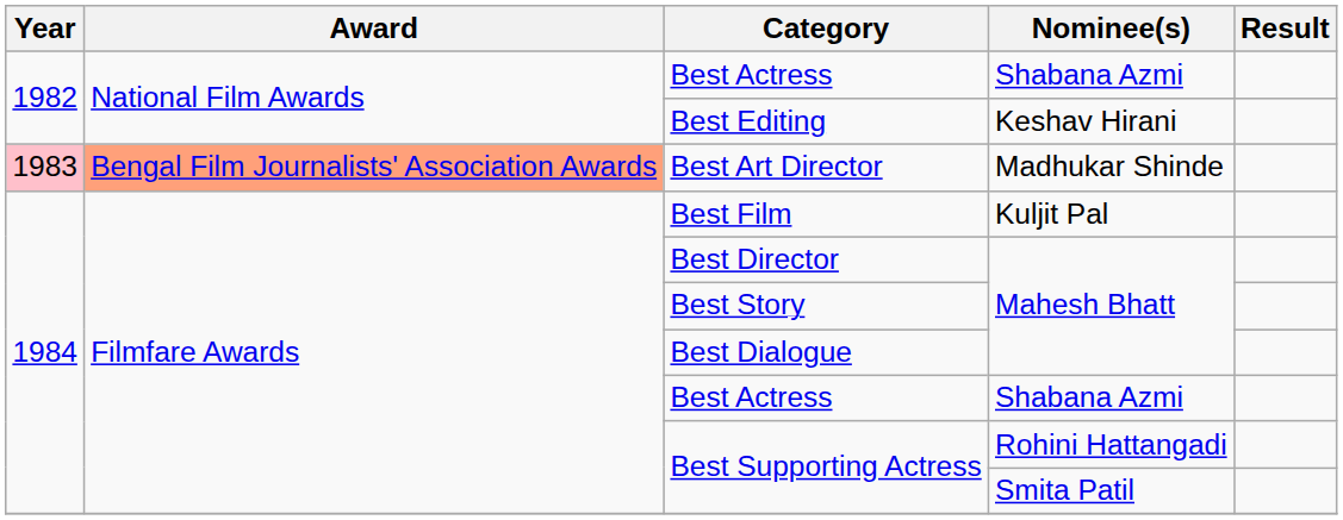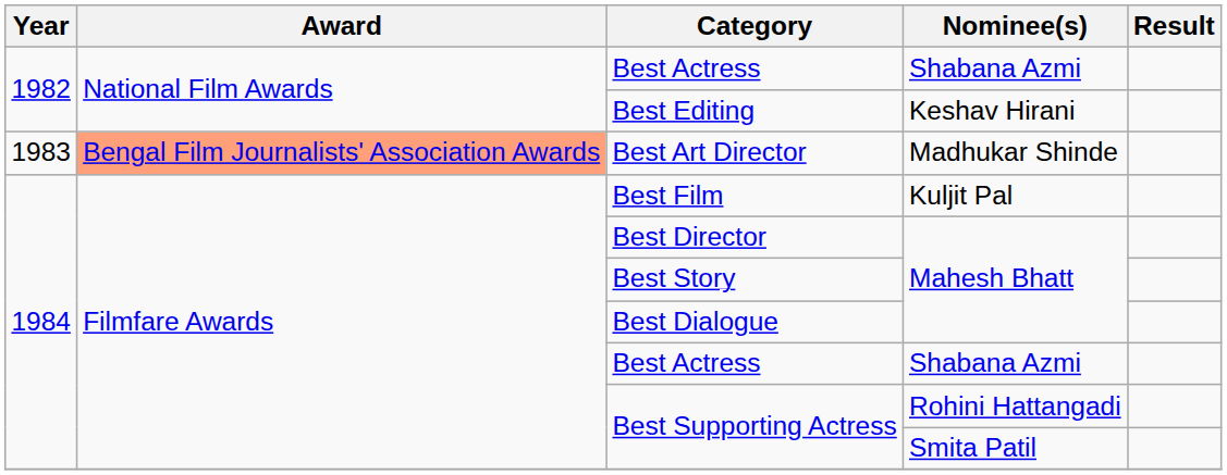 <table class="wikitable plainrowheaders sortable">
 <tr>
 <th scope=col>Year</th>
 <th scope=col>Award</th>
 <th scope=col>Category</th>
 <th scope=col>Nominee(s)</th>
 <th scope=col>Result</th>
 </tr>
 <tr>
 <td rowspan="2"><a href='#'>1982</a></td>
 <td rowspan="2"><a href='#'>National Film Awards</a></td>
 <td><a href='#'>Best Actress</a></td>
 <td><a href='#'>Shabana Azmi</a></td>
 <td></td>
 </tr>
 <tr>
 <td><a href='#'>Best Editing</a></td>
 <td>Keshav Hirani</td>
 <td></td>
 </tr>
 <tr>
-<td style="background: pink;">1983</td>
+<td>1983</td>
 <td style="background: lightsalmon;"><a href='#'>Bengal Film Journalists' Association Awards</a></td>
 <td><a href='#'>Best Art Director</a></td>
 <td>Madhukar Shinde</td>
 <td></td>
 </tr>
 <tr>
 <td rowspan=7><a href='#'>1984</a></td>
 <td rowspan=7><a href='#'>Filmfare Awards</a></td>
 <td><a href='#'>Best Film</a></td>
 <td>Kuljit Pal</td>
 <td></td>
 </tr>
 <tr>
 <td><a href='#'>Best Director</a></td>
 <td rowspan=3><a href='#'>Mahesh Bhatt</a></td>
 <td></td>
 </tr>
 <tr>
 <td><a href='#'>Best Story</a></td>
 <td></td>
 </tr>
 <tr>
 <td><a href='#'>Best Dialogue</a></td>
 <td></td>
 </tr>
 <tr>
 <td><a href='#'>Best Actress</a></td>
 <td><a href='#'>Shabana Azmi</a></td>
 <td></td>
 </tr>
 <tr>
 <td rowspan=2><a href='#'>Best Supporting Actress</a></td>
 <td><a href='#'>Rohini Hattangadi</a></td>
 <td></td>
 </tr>
 <tr>
 <td><a href='#'>Smita Patil</a></td>
 <td></td>
 </tr>
 <tr>
 </tr>
 </table>
